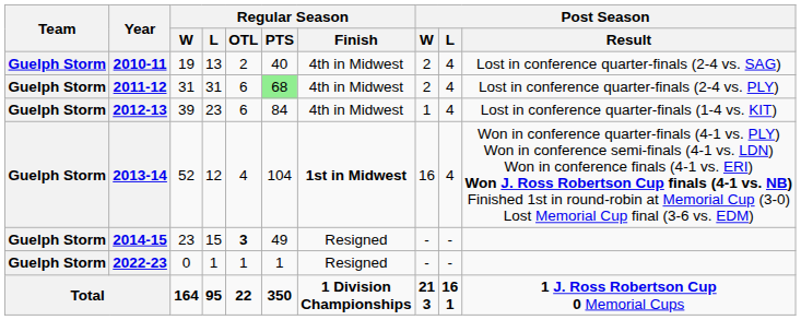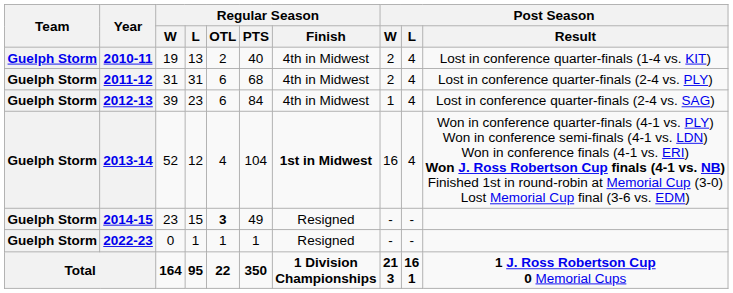 <table class="wikitable" style="font-size: 95%; text-align:center;">
 <tr>
 <th rowspan="2">Team</th>
 <th rowspan="2">Year</th>
 <th colspan="5">Regular Season</th>
 <th colspan="4">Post Season</th>
 </tr>
 <tr>
 <th>W</th>
 <th>L</th>
 <th>OTL</th>
 <th>PTS</th>
 <th>Finish</th>
 <th>W</th>
 <th>L</th>
 <th>Result</th>
 </tr>
 <tr>
 <th><a href='#'>Guelph Storm</a></th>
 <th><a href='#'>2010-11</a></th>
 <td>19</td>
 <td>13</td>
 <td>2</td>
 <td>40</td>
 <td>4th in Midwest</td>
 <td>2</td>
 <td>4</td>
-<td>Lost in conference quarter-finals (2-4 vs. <a href='#'>SAG</a>)</td>
+<td>Lost in conference quarter-finals (1-4 vs. <a href='#'>KIT</a>)</td>
 </tr>
 <tr>
 <th>Guelph Storm</th>
 <th><a href='#'>2011-12</a></th>
 <td>31</td>
 <td>31</td>
 <td>6</td>
-<td style="background: lightgreen;">68</td>
+<td>68</td>
 <td>4th in Midwest</td>
 <td>2</td>
 <td>4</td>
 <td>Lost in conference quarter-finals (2-4 vs. <a href='#'>PLY</a>)</td>
 </tr>
 <tr>
 <th>Guelph Storm</th>
 <th><a href='#'>2012-13</a></th>
 <td>39</td>
 <td>23</td>
 <td>6</td>
 <td>84</td>
 <td>4th in Midwest</td>
 <td>1</td>
 <td>4</td>
-<td>Lost in conference quarter-finals (1-4 vs. <a href='#'>KIT</a>)</td>
+<td>Lost in conference quarter-finals (2-4 vs. <a href='#'>SAG</a>)</td>
 </tr>
 <tr>
 <th>Guelph Storm</th>
 <th><a href='#'>2013-14</a></th>
 <td>52</td>
 <td>12</td>
 <td>4</td>
 <td>104</td>
 <td><strong>1st in Midwest</strong></td>
 <td>16</td>
 <td>4</td>
 <td>Won in conference quarter-finals (4-1 vs. <a href='#'>PLY</a>) <br> Won in conference semi-finals (4-1 vs. <a href='#'>LDN</a>) <br> Won in conference finals (4-1 vs. <a href='#'>ERI</a>) <br> <strong>Won <a href='#'>J. Ross Robertson Cup</a> finals (4-1 vs. <a href='#'>NB</a>)</strong> <br> Finished 1st in round-robin at <a href='#'>Memorial Cup</a> (3-0) <br> Lost <a href='#'>Memorial Cup</a> final (3-6 vs. <a href='#'>EDM</a>)</td>
 </tr>
 <tr>
 <th>Guelph Storm</th>
 <th><a href='#'>2014-15</a></th>
 <td>23</td>
 <td>15</td>
 <td><strong>3</strong></td>
 <td>49</td>
 <td>Resigned</td>
 <td>-</td>
 <td>-</td>
 <td></td>
 </tr>
 <tr>
 <th>Guelph Storm</th>
 <th><a href='#'>2022-23</a></th>
 <td>0</td>
 <td>1</td>
 <td>1</td>
 <td>1</td>
 <td>Resigned</td>
 <td>-</td>
 <td>-</td>
 <td></td>
 </tr>
 <tr>
 <th colspan="2"><strong>Total</strong></th>
 <td><strong>164</strong></td>
 <td><strong>95</strong></td>
 <td><strong>22</strong></td>
 <td><strong>350</strong></td>
 <td><strong>1 Division<br>Championships</strong></td>
 <td><strong>21</strong> <br> <strong>3</strong></td>
 <td><strong>16</strong> <br> <strong>1</strong></td>
 <td><strong>1 <a href='#'>J. Ross Robertson Cup</a></strong> <br> <strong>0</strong> <a href='#'>Memorial Cups</a></td>
 </tr>
 </table>
